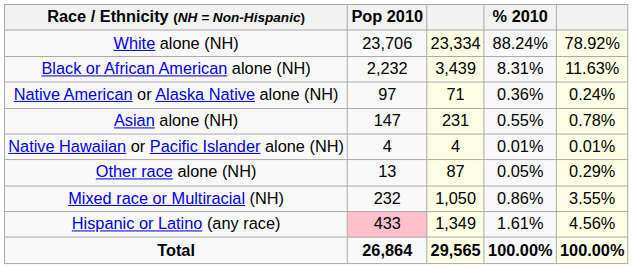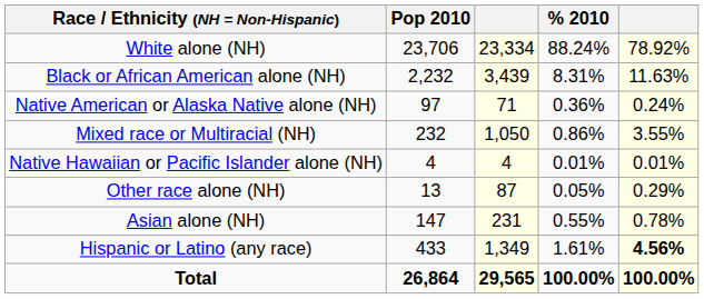 <table class="wikitable" style="text-align:center;">
 <tr>
 <th>Race / Ethnicity <small>(<em>NH = Non-Hispanic</em>)</small></th>
 <th>Pop 2010</th>
 <th></th>
 <th>% 2010</th>
 <th></th>
 </tr>
 <tr>
 <td><a href='#'>White</a> alone (NH)</td>
 <td>23,706</td>
 <td style='background: #ffffe6;'>23,334</td>
 <td>88.24%</td>
 <td style='background: #ffffe6;'>78.92%</td>
 </tr>
 <tr>
 <td><a href='#'>Black or African American</a> alone (NH)</td>
 <td>2,232</td>
 <td style='background: #ffffe6;'>3,439</td>
 <td>8.31%</td>
 <td style='background: #ffffe6;'>11.63%</td>
 </tr>
 <tr>
 <td><a href='#'>Native American</a> or <a href='#'>Alaska Native</a> alone (NH)</td>
 <td>97</td>
 <td style='background: #ffffe6;'>71</td>
 <td>0.36%</td>
 <td style='background: #ffffe6;'>0.24%</td>
 </tr>
 <tr>
-<td><a href='#'>Asian</a> alone (NH)</td>
-<td>147</td>
-<td style='background: #ffffe6;'>231</td>
-<td>0.55%</td>
-<td style='background: #ffffe6;'>0.78%</td>
+<td><a href='#'>Mixed race or Multiracial</a> (NH)</td>
+<td>232</td>
+<td style='background: #ffffe6;'>1,050</td>
+<td>0.86%</td>
+<td style='background: #ffffe6;'>3.55%</td>
 </tr>
 <tr>
 <td><a href='#'>Native Hawaiian</a> or <a href='#'>Pacific Islander</a> alone (NH)</td>
 <td>4</td>
 <td style='background: #ffffe6;'>4</td>
 <td>0.01%</td>
 <td style='background: #ffffe6;'>0.01%</td>
 </tr>
 <tr>
 <td><a href='#'>Other race</a> alone (NH)</td>
 <td>13</td>
 <td style='background: #ffffe6;'>87</td>
 <td>0.05%</td>
 <td style='background: #ffffe6;'>0.29%</td>
 </tr>
 <tr>
-<td><a href='#'>Mixed race or Multiracial</a> (NH)</td>
-<td>232</td>
-<td style='background: #ffffe6;'>1,050</td>
-<td>0.86%</td>
-<td style='background: #ffffe6;'>3.55%</td>
+<td><a href='#'>Asian</a> alone (NH)</td>
+<td>147</td>
+<td style='background: #ffffe6;'>231</td>
+<td>0.55%</td>
+<td style='background: #ffffe6;'>0.78%</td>
 </tr>
 <tr>
 <td><a href='#'>Hispanic or Latino</a> (any race)</td>
-<td style="background: pink;">433</td>
+<td>433</td>
 <td style='background: #ffffe6;'>1,349</td>
 <td>1.61%</td>
-<td style='background: #ffffe6;'>4.56%</td>
+<td style='background: #ffffe6;'><strong>4.56%</strong></td>
 </tr>
 <tr>
 <td><strong>Total</strong></td>
 <td><strong>26,864</strong></td>
 <td style='background: #ffffe6;'><strong>29,565</strong></td>
 <td><strong>100.00%</strong></td>
 <td style='background: #ffffe6;'><strong>100.00%</strong></td>
 </tr>
 </table>
